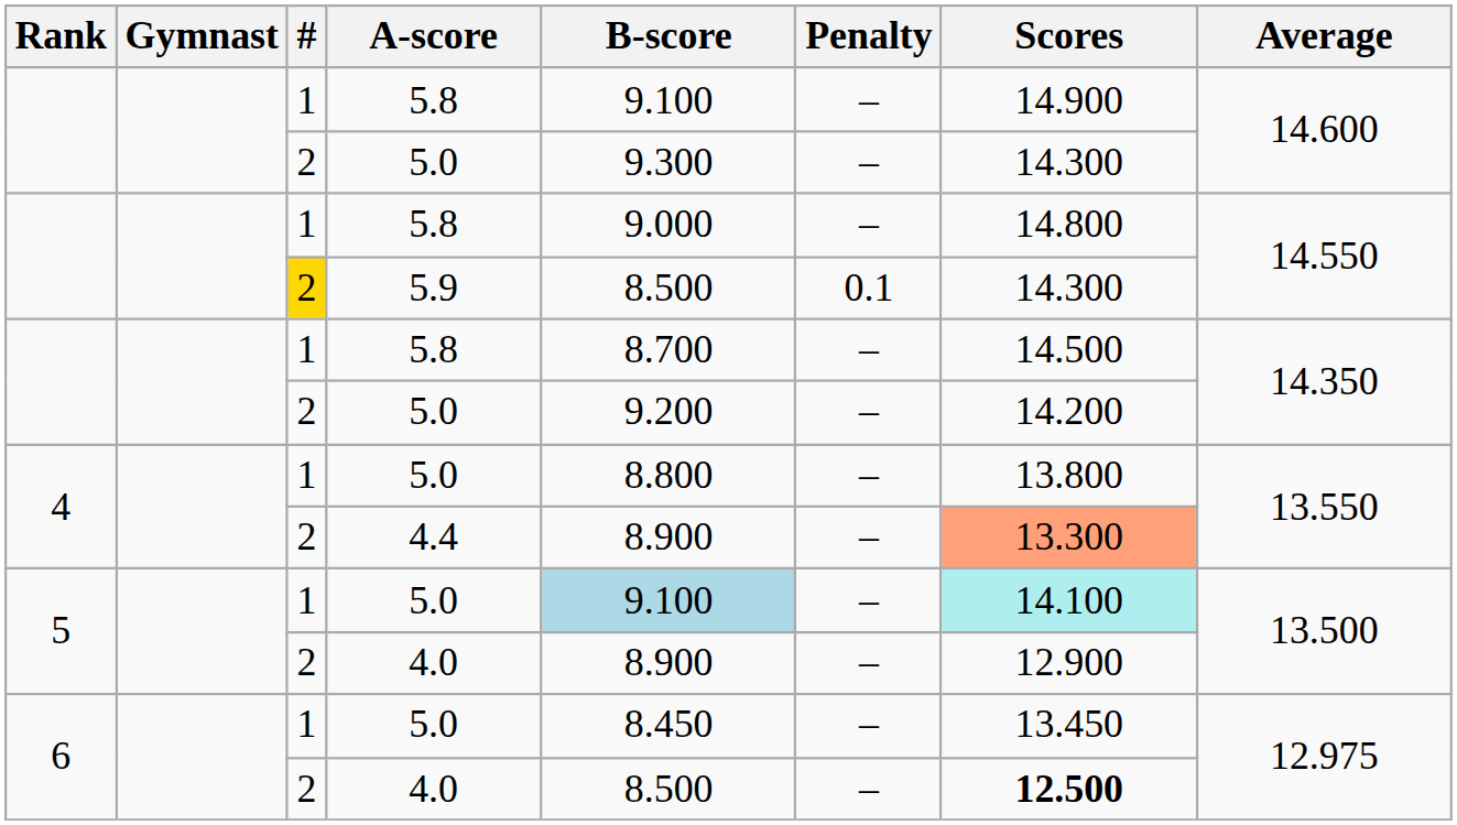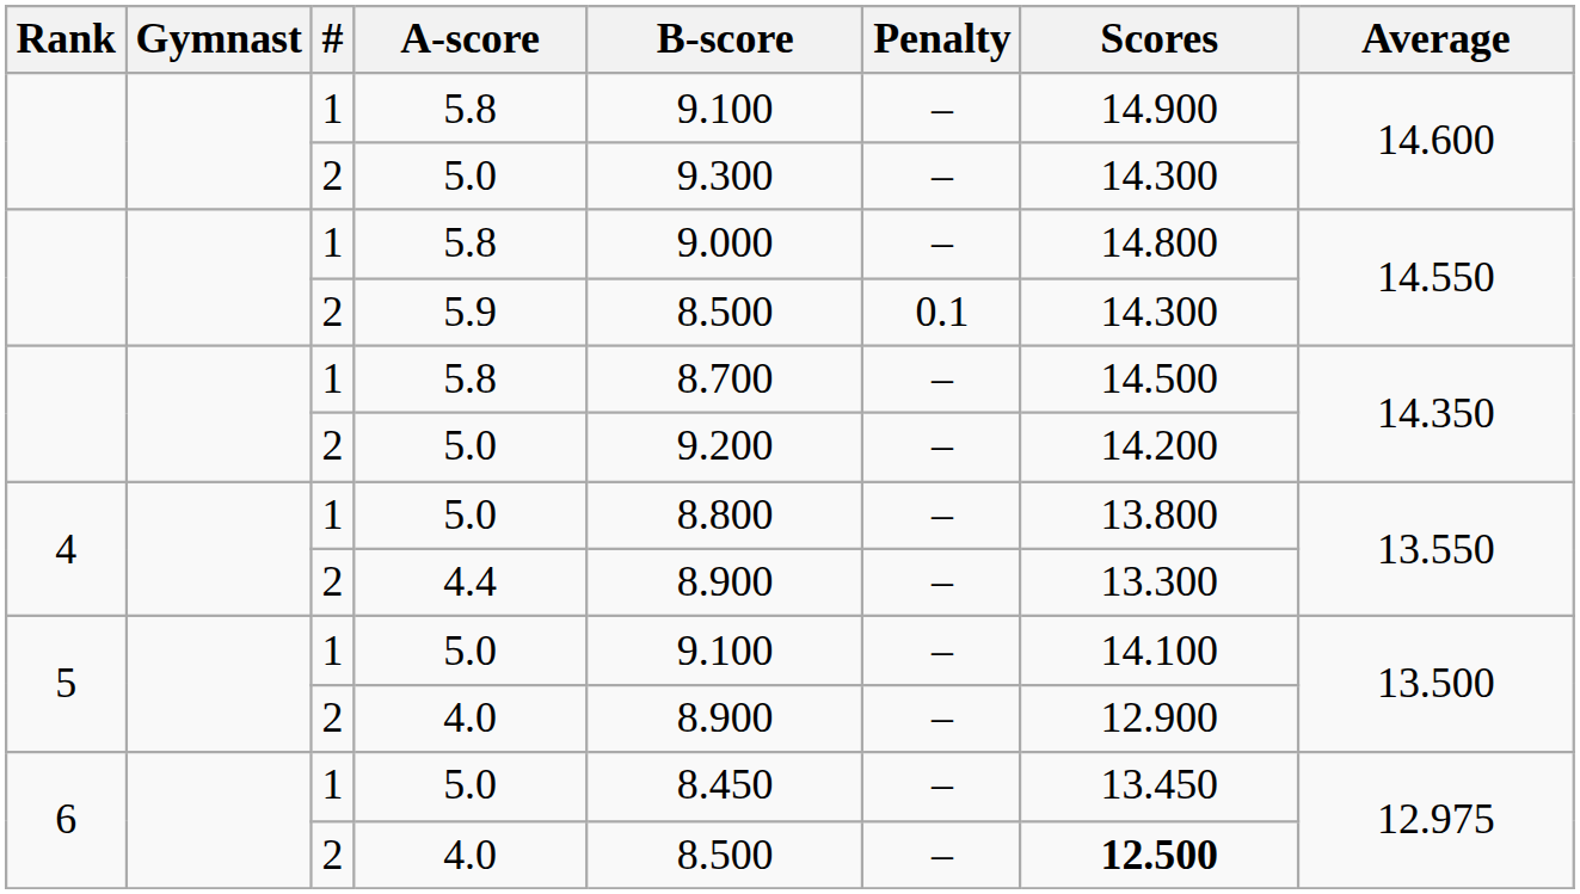 <table class="wikitable" style="text-align:center">
 <tr>
 <th>Rank</th>
 <th>Gymnast</th>
 <th>#</th>
 <th style="width:5em">A-score</th>
 <th style="width:6em">B-score</th>
 <th style="width:3em">Penalty</th>
 <th style="width:6em">Scores</th>
 <th style="width:6em">Average</th>
 </tr>
 <tr>
 <td rowspan=2></td>
 <td rowspan=2 align=left></td>
 <td>1</td>
 <td>5.8</td>
 <td>9.100</td>
 <td>–</td>
 <td>14.900</td>
 <td rowspan=2>14.600</td>
 </tr>
 <tr>
 <td>2</td>
 <td>5.0</td>
 <td>9.300</td>
 <td>–</td>
 <td>14.300</td>
 </tr>
 <tr>
 <td rowspan=2></td>
 <td rowspan=2 align=left></td>
 <td>1</td>
 <td>5.8</td>
 <td>9.000</td>
 <td>–</td>
 <td>14.800</td>
 <td rowspan=2>14.550</td>
 </tr>
 <tr>
-<td style="background: gold;">2</td>
+<td>2</td>
 <td>5.9</td>
 <td>8.500</td>
 <td>0.1</td>
 <td>14.300</td>
 </tr>
 <tr>
 <td rowspan=2></td>
 <td rowspan=2 align=left></td>
 <td>1</td>
 <td>5.8</td>
 <td>8.700</td>
 <td>–</td>
 <td>14.500</td>
 <td rowspan=2>14.350</td>
 </tr>
 <tr>
 <td>2</td>
 <td>5.0</td>
 <td>9.200</td>
 <td>–</td>
 <td>14.200</td>
 </tr>
 <tr>
 <td rowspan=2>4</td>
 <td rowspan=2 align=left></td>
 <td>1</td>
 <td>5.0</td>
 <td>8.800</td>
 <td>–</td>
 <td>13.800</td>
 <td rowspan=2>13.550</td>
 </tr>
 <tr>
 <td>2</td>
 <td>4.4</td>
 <td>8.900</td>
 <td>–</td>
-<td style="background: lightsalmon;">13.300</td>
+<td>13.300</td>
 </tr>
 <tr>
 <td rowspan=2>5</td>
 <td rowspan=2 align=left></td>
 <td>1</td>
 <td>5.0</td>
-<td style="background: lightblue;">9.100</td>
+<td>9.100</td>
 <td>–</td>
-<td style="background: paleturquoise;">14.100</td>
+<td>14.100</td>
 <td rowspan=2>13.500</td>
 </tr>
 <tr>
 <td>2</td>
 <td>4.0</td>
 <td>8.900</td>
 <td>–</td>
 <td>12.900</td>
 </tr>
 <tr>
 <td rowspan=2>6</td>
 <td rowspan=2 align=left></td>
 <td>1</td>
 <td>5.0</td>
 <td>8.450</td>
 <td>–</td>
 <td>13.450</td>
 <td rowspan=2>12.975</td>
 </tr>
 <tr>
 <td>2</td>
 <td>4.0</td>
 <td>8.500</td>
 <td>–</td>
 <td><strong>12.500</strong></td>
 </tr>
 </table>
